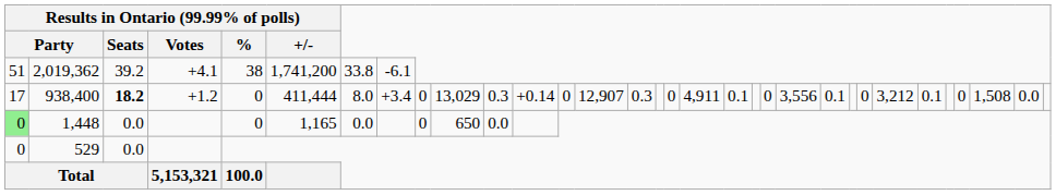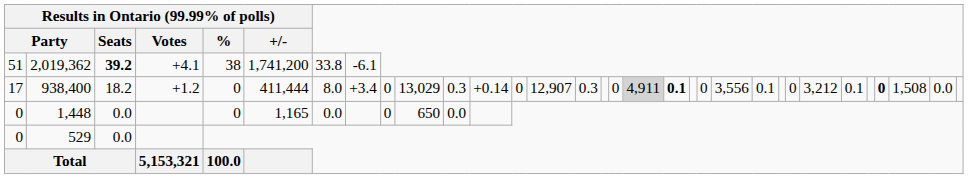 <table class="wikitable">
 <tr>
 <th align="center" colspan=6>Results in Ontario (99.99% of polls)</th>
 </tr>
 <tr>
 <th align="centre" colspan=2>Party</th>
 <th align="right">Seats</th>
 <th align="right">Votes</th>
 <th align="right">%</th>
 <th align="right">+/-</th>
 </tr>
 <tr>
 <td align="right">51</td>
 <td align="right">2,019,362</td>
-<td align="right">39.2</td>
+<td align="right"><strong>39.2</strong></td>
 <td align="right">+4.1<br></td>
 <td align="right">38</td>
 <td align="right">1,741,200</td>
 <td align="right">33.8</td>
 <td align="right">-6.1</td>
 </tr>
 <tr>
 <td align="right">17</td>
 <td align="right">938,400</td>
-<td align="right"><strong>18.2</strong></td>
+<td align="right">18.2</td>
 <td align="right">+1.2<br></td>
 <td align="right">0</td>
 <td align="right">411,444</td>
 <td align="right">8.0</td>
 <td align="right">+3.4<br></td>
 <td align="right">0</td>
 <td align="right">13,029</td>
 <td align="right">0.3</td>
 <td align="right">+0.14<br></td>
 <td align="right">0</td>
 <td align="right">12,907</td>
 <td align="right">0.3</td>
 <td align="right"><br></td>
 <td align="right">0</td>
-<td align="right">4,911</td>
-<td align="right">0.1</td>
+<td align="right" style="background: lightgrey;">4,911</td>
+<td align="right"><strong>0.1</strong></td>
 <td align="right"><br></td>
 <td align="right">0</td>
 <td align="right">3,556</td>
 <td align="right">0.1</td>
 <td align="right"><br></td>
 <td align="right">0</td>
 <td align="right">3,212</td>
 <td align="right">0.1</td>
 <td align="right"><br></td>
-<td align="right">0</td>
+<td align="right"><strong>0</strong></td>
 <td align="right">1,508</td>
 <td align="right">0.0</td>
 <td align="right"></td>
 </tr>
 <tr>
-<td align="right" style="background: lightgreen;">0</td>
+<td align="right">0</td>
 <td align="right">1,448</td>
 <td align="right">0.0</td>
 <td align="right"><br></td>
 <td align="right">0</td>
 <td align="right">1,165</td>
 <td align="right">0.0</td>
 <td align="right"><br></td>
 <td align="right">0</td>
 <td align="right">650</td>
 <td align="right">0.0</td>
 <td align="right"></td>
 </tr>
 <tr>
 <td align="right">0</td>
 <td align="right">529</td>
 <td align="right">0.0</td>
 <td align="right"></td>
 </tr>
 <tr bgcolor="white">
 <th align="left" colspan=3>Total</th>
 <th align="right">5,153,321</th>
 <th align="right">100.0</th>
 <th align="right"></th>
 </tr>
 </table>
